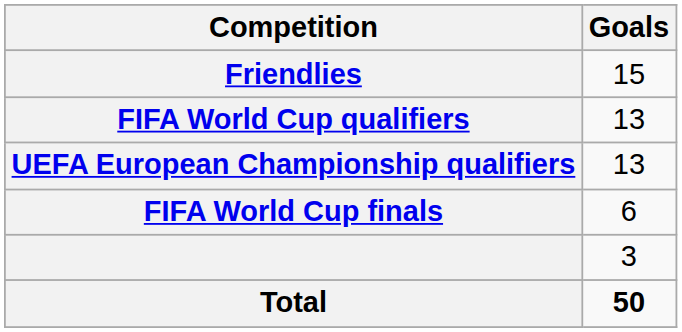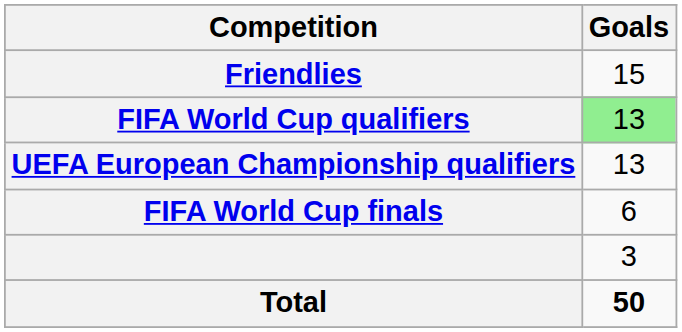 <table class="wikitable sortable plainrowheaders" style="text-align:center">
 <tr>
 <th scope=col>Competition</th>
 <th scope=col>Goals</th>
 </tr>
 <tr>
 <th scope=row><a href='#'>Friendlies</a></th>
 <td>15</td>
 </tr>
 <tr>
 <th scope=row><a href='#'>FIFA World Cup qualifiers</a></th>
-<td>13</td>
+<td style="background: lightgreen;">13</td>
 </tr>
 <tr>
 <th scope=row><a href='#'>UEFA European Championship qualifiers</a></th>
 <td>13</td>
 </tr>
 <tr>
 <th scope=row><a href='#'>FIFA World Cup finals</a></th>
 <td>6</td>
 </tr>
 <tr>
 <th scope=row><a href='#'></a></th>
 <td>3</td>
 </tr>
 <tr class=sortbottom>
 <th scope=row><strong>Total</strong></th>
 <td><strong>50</strong></td>
 </tr>
 </table>
